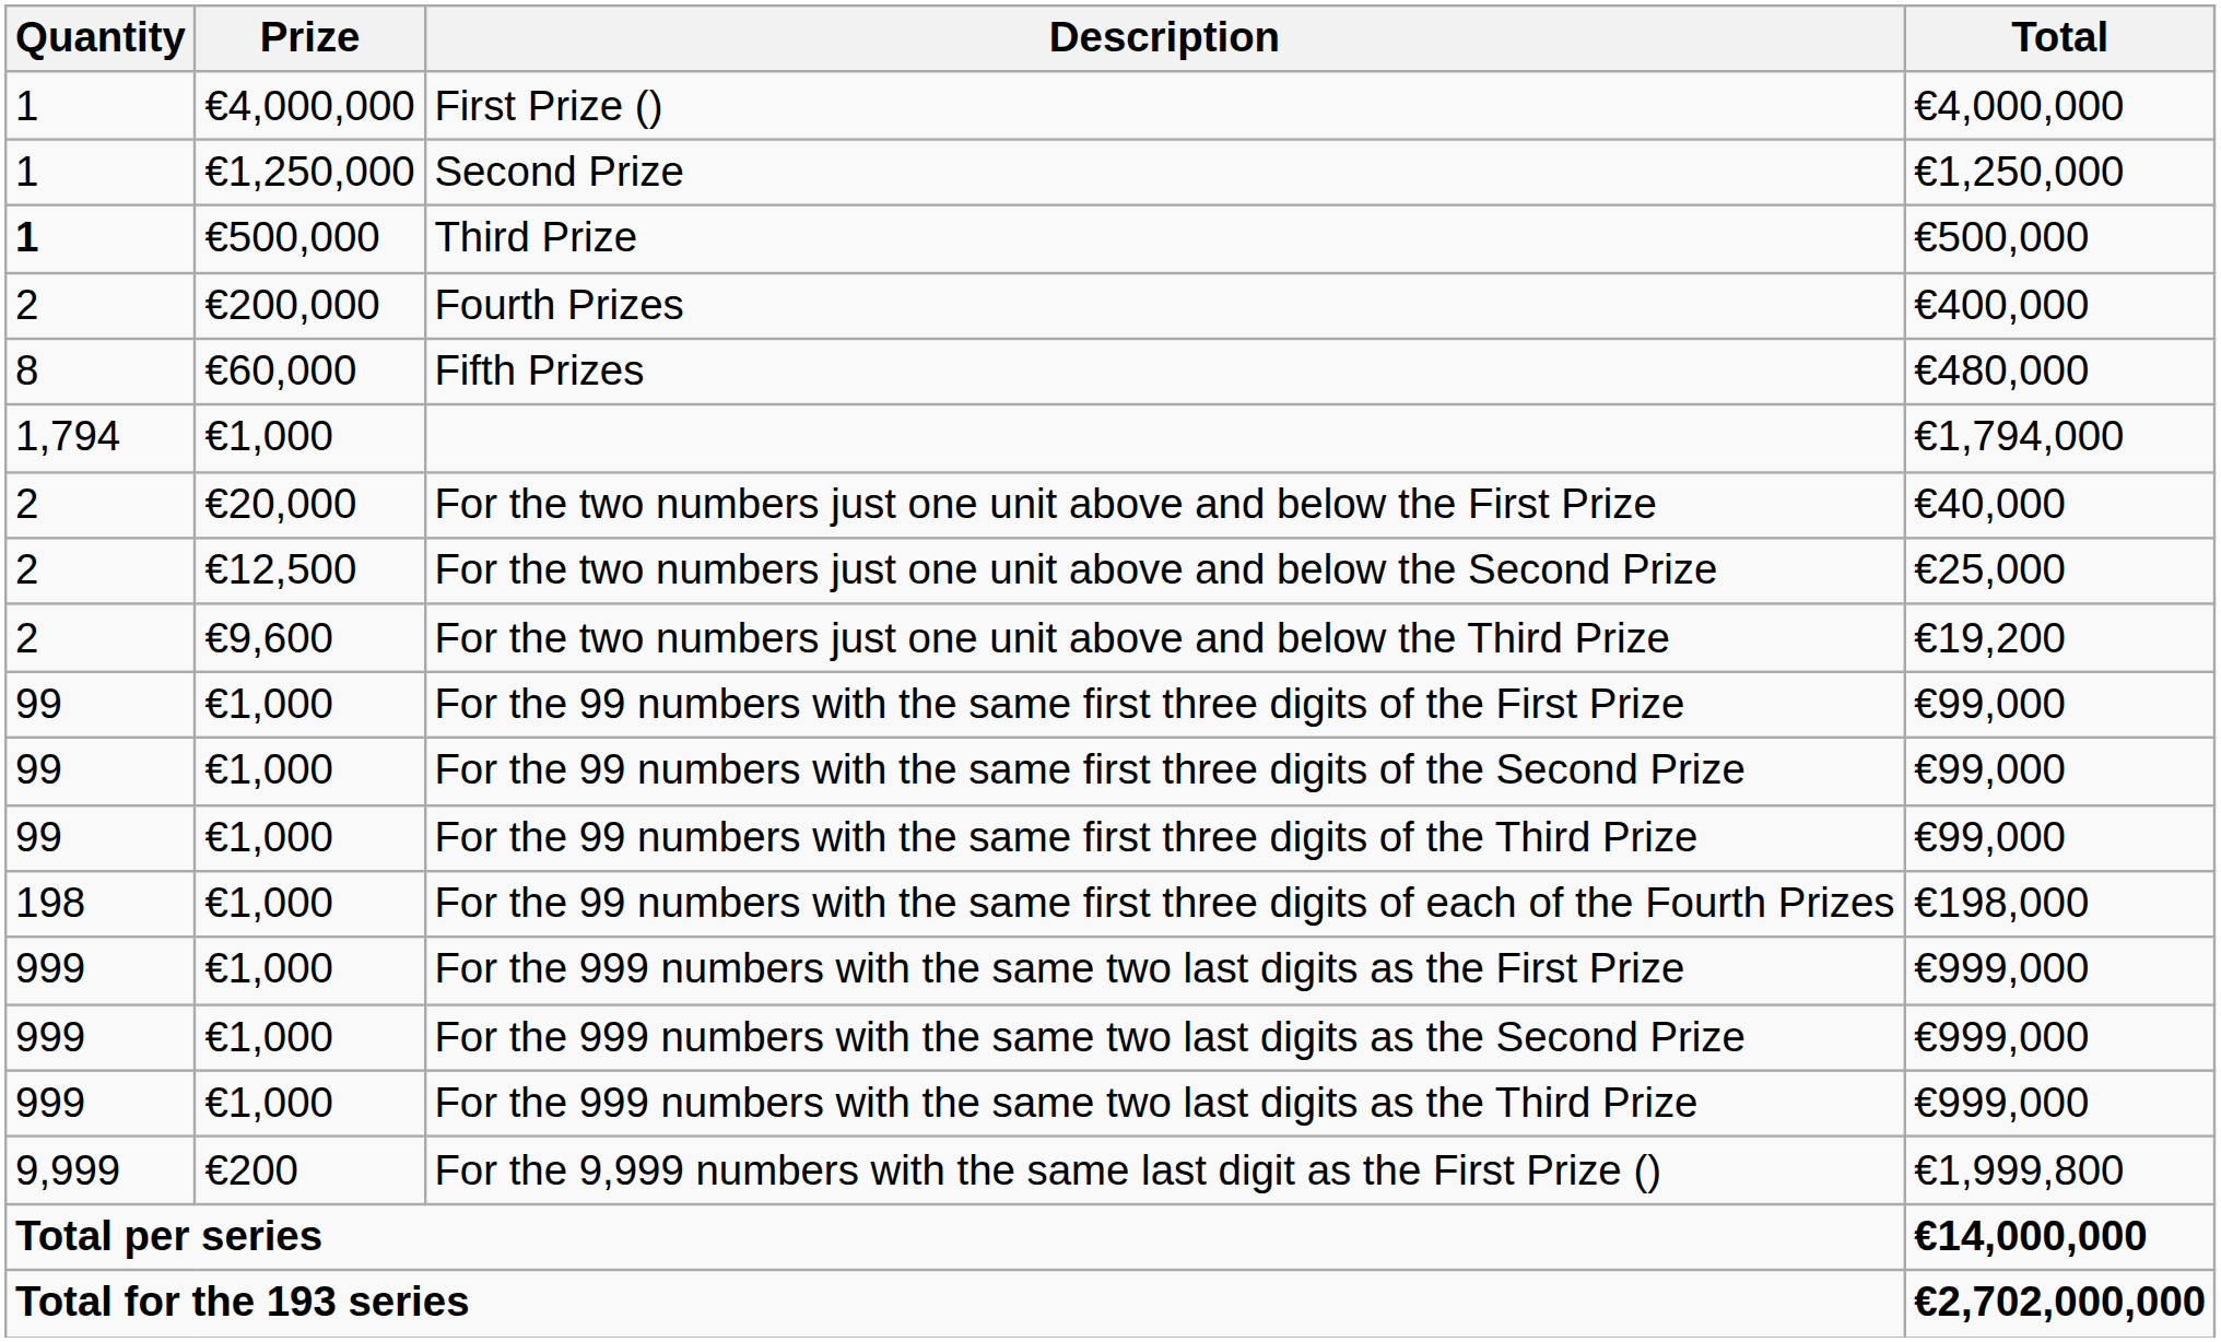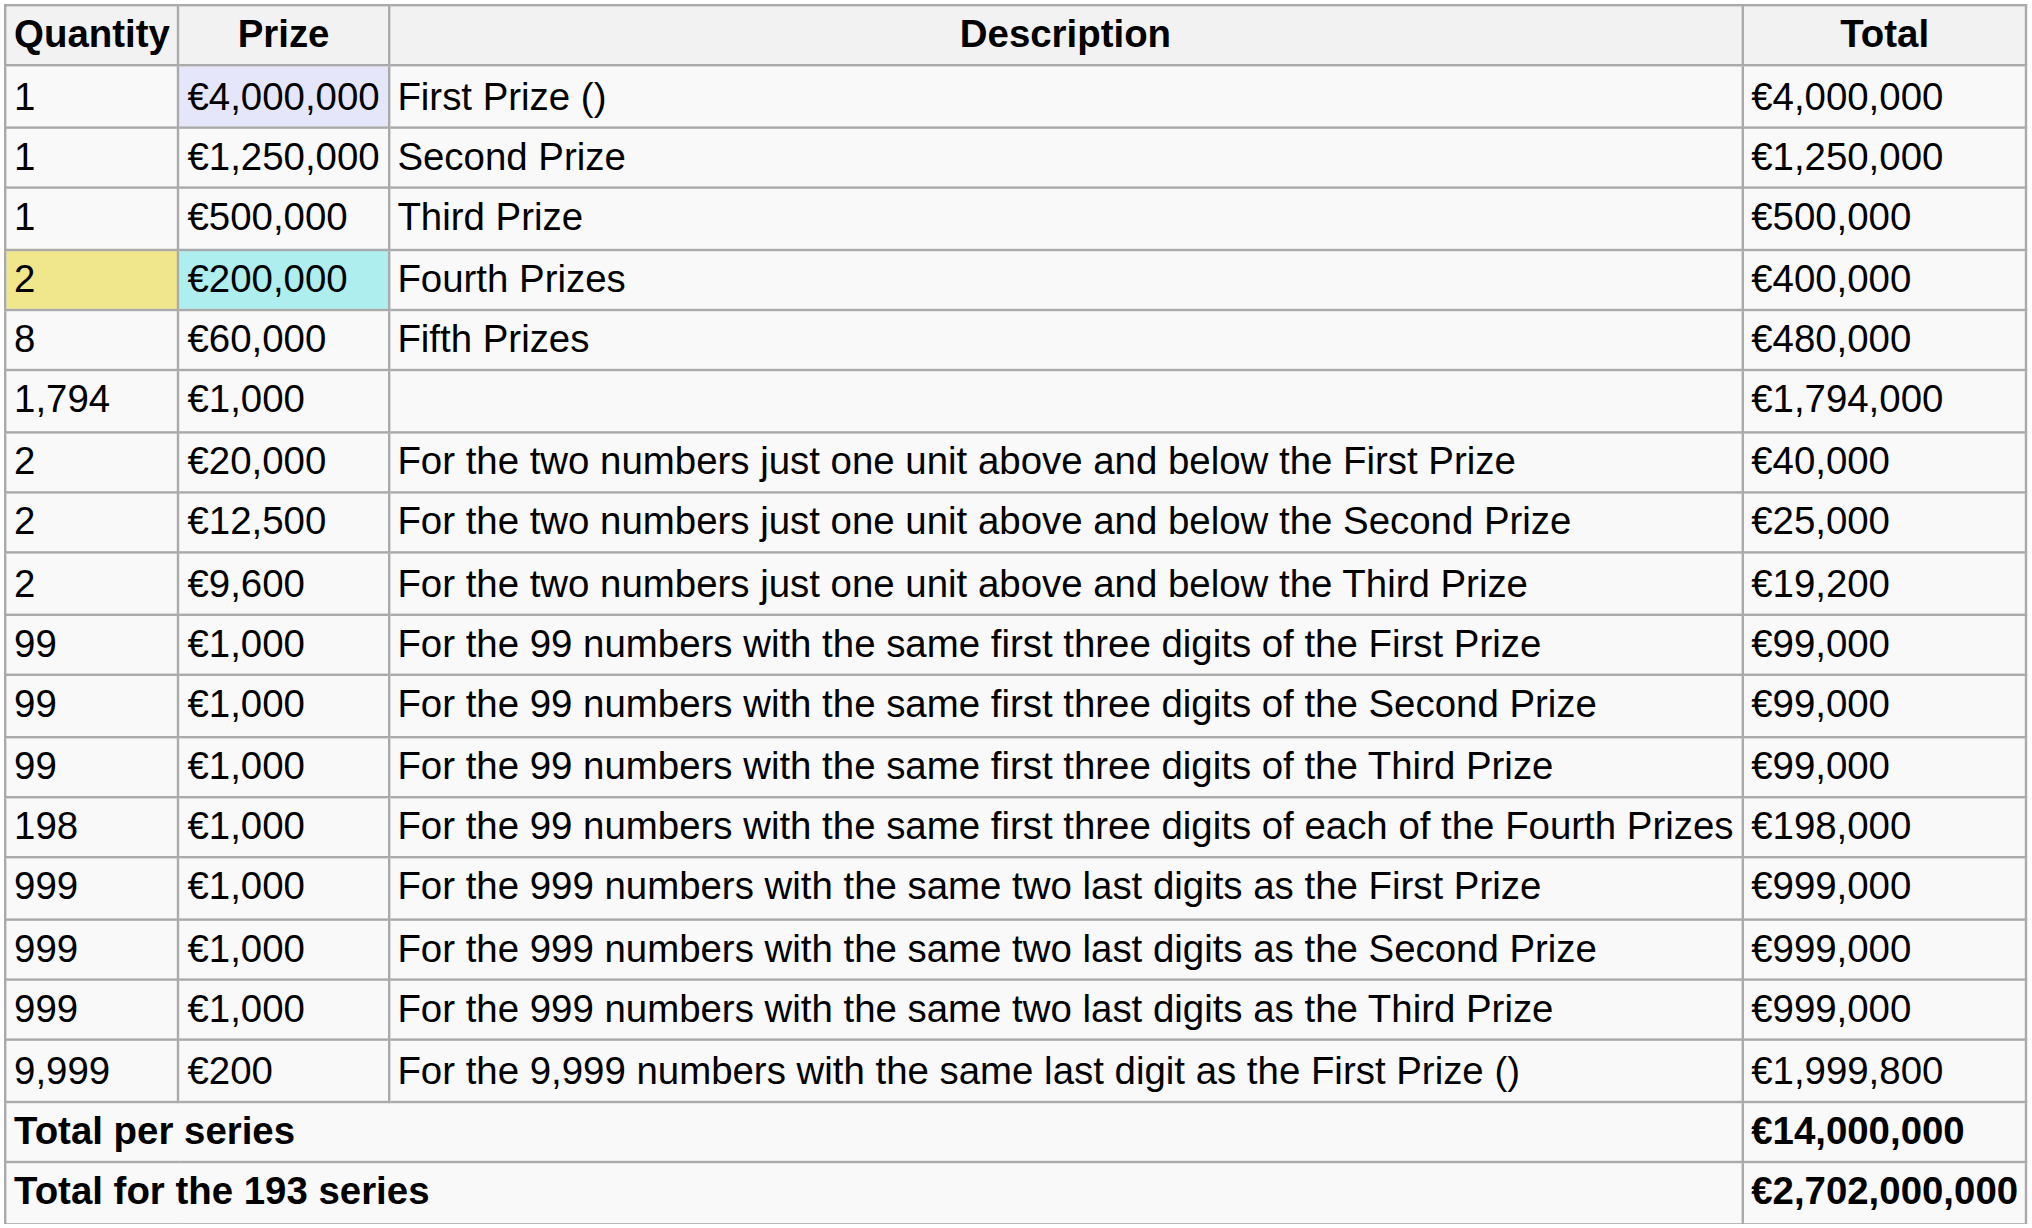 <table class="wikitable">
 <tr>
 <th>Quantity</th>
 <th>Prize</th>
 <th>Description</th>
 <th>Total</th>
 </tr>
 <tr>
 <td>1</td>
-<td>€4,000,000</td>
+<td style="background: lavender;">€4,000,000</td>
 <td>First Prize ()</td>
 <td>€4,000,000</td>
 </tr>
 <tr>
 <td>1</td>
 <td>€1,250,000</td>
 <td>Second Prize</td>
 <td>€1,250,000</td>
 </tr>
 <tr>
-<td><strong>1</strong></td>
+<td>1</td>
 <td>€500,000</td>
 <td>Third Prize</td>
 <td>€500,000</td>
 </tr>
 <tr>
-<td>2</td>
-<td>€200,000</td>
+<td style="background: khaki;">2</td>
+<td style="background: paleturquoise;">€200,000</td>
 <td>Fourth Prizes</td>
 <td>€400,000</td>
 </tr>
 <tr>
 <td>8</td>
 <td>€60,000</td>
 <td>Fifth Prizes</td>
 <td>€480,000</td>
 </tr>
 <tr>
 <td>1,794</td>
 <td>€1,000</td>
 <td></td>
 <td>€1,794,000</td>
 </tr>
 <tr>
 <td>2</td>
 <td>€20,000</td>
 <td>For the two numbers just one unit above and below the First Prize</td>
 <td>€40,000</td>
 </tr>
 <tr>
 <td>2</td>
 <td>€12,500</td>
 <td>For the two numbers just one unit above and below the Second Prize</td>
 <td>€25,000</td>
 </tr>
 <tr>
 <td>2</td>
 <td>€9,600</td>
 <td>For the two numbers just one unit above and below the Third Prize</td>
 <td>€19,200</td>
 </tr>
 <tr>
 <td>99</td>
 <td>€1,000</td>
 <td>For the 99 numbers with the same first three digits of the First Prize</td>
 <td>€99,000</td>
 </tr>
 <tr>
 <td>99</td>
 <td>€1,000</td>
 <td>For the 99 numbers with the same first three digits of the Second Prize</td>
 <td>€99,000</td>
 </tr>
 <tr>
 <td>99</td>
 <td>€1,000</td>
 <td>For the 99 numbers with the same first three digits of the Third Prize</td>
 <td>€99,000</td>
 </tr>
 <tr>
 <td>198</td>
 <td>€1,000</td>
 <td>For the 99 numbers with the same first three digits of each of the Fourth Prizes</td>
 <td>€198,000</td>
 </tr>
 <tr>
 <td>999</td>
 <td>€1,000</td>
 <td>For the 999 numbers with the same two last digits as the First Prize</td>
 <td>€999,000</td>
 </tr>
 <tr>
 <td>999</td>
 <td>€1,000</td>
 <td>For the 999 numbers with the same two last digits as the Second Prize</td>
 <td>€999,000</td>
 </tr>
 <tr>
 <td>999</td>
 <td>€1,000</td>
 <td>For the 999 numbers with the same two last digits as the Third Prize</td>
 <td>€999,000</td>
 </tr>
 <tr>
 <td>9,999</td>
 <td>€200</td>
 <td>For the 9,999 numbers with the same last digit as the First Prize ()</td>
 <td>€1,999,800</td>
 </tr>
 <tr>
 <td colspan="3"><strong>Total per series</strong></td>
 <td><strong>€14,000,000</strong></td>
 </tr>
 <tr>
 <td colspan="3"><strong>Total for the 193 series</strong></td>
 <td><strong>€2,702,000,000</strong></td>
 </tr>
 </table>
